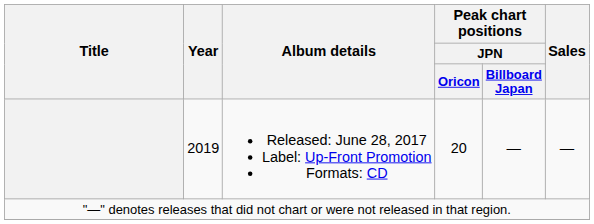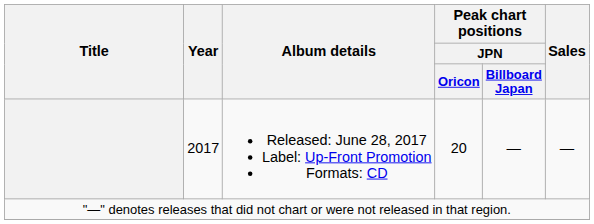 <table class="wikitable plainrowheaders" style="text-align:center" border="1">
 <tr>
 <th scope="col" rowspan="3" style="width:12em;">Title</th>
 <th scope="col" rowspan="3">Year</th>
 <th scope="col" rowspan="3">Album details</th>
 <th scope="col" colspan="2">Peak chart positions</th>
 <th scope="col" rowspan="3">Sales</th>
 </tr>
 <tr>
 <th scope="col" style="width:3em;font-size:90%;" colspan="2">JPN</th>
 </tr>
 <tr>
 <th scope="col" style="width:3em;font-size:90%;"><a href='#'>Oricon</a></th>
 <th scope="col" style="width:3em;font-size:90%;"><a href='#'>Billboard Japan</a></th>
 </tr>
 <tr>
 <th scope="row"></th>
-<td>2019</td>
+<td>2017</td>
 <td><br><ul><li>Released: June 28, 2017</li><li>Label: <a href='#'>Up-Front Promotion</a></li><li>Formats: <a href='#'>CD</a></li></ul></td>
 <td>20</td>
 <td>—</td>
 <td>—</td>
 </tr>
 <tr>
 <td colspan="6" style="font-size:90%;">"—" denotes releases that did not chart or were not released in that region.</td>
 </tr>
 <tr>
 </tr>
 </table>
